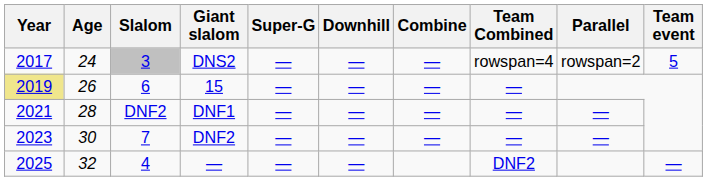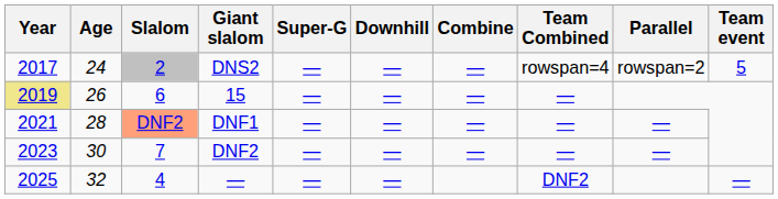 <table class=wikitable style="text-align:center">
 <tr>
 <th>  Year  </th>
 <th> Age </th>
 <th> Slalom </th>
 <th> Giant <br> slalom </th>
 <th>Super-G</th>
 <th>Downhill</th>
 <th>Combine</th>
 <th>Team<br>Combined</th>
 <th>Parallel</th>
 <th>Team<br> event </th>
 </tr>
 <tr>
 <td><a href='#'>2017</a></td>
 <td><em>24</em></td>
-<td style="background:silver;"><a href='#'>3</a></td>
+<td style="background:silver;"><a href='#'>2</a></td>
 <td><a href='#'>DNS2</a></td>
 <td><a href='#'>—</a></td>
 <td><a href='#'>—</a></td>
 <td><a href='#'>—</a></td>
 <td>rowspan=4 </td>
 <td>rowspan=2 </td>
 <td><a href='#'>5</a></td>
 </tr>
 <tr>
 <td style="background: khaki;"><a href='#'>2019</a></td>
 <td><em>26</em></td>
 <td><a href='#'>6</a></td>
 <td><a href='#'>15</a></td>
 <td><a href='#'>—</a></td>
 <td><a href='#'>—</a></td>
 <td><a href='#'>—</a></td>
 <td><a href='#'>—</a></td>
 </tr>
 <tr>
 <td><a href='#'>2021</a></td>
 <td><em>28</em></td>
-<td><a href='#'>DNF2</a></td>
+<td style="background: lightsalmon;"><a href='#'>DNF2</a></td>
 <td><a href='#'>DNF1</a></td>
 <td><a href='#'>—</a></td>
 <td><a href='#'>—</a></td>
 <td><a href='#'>—</a></td>
 <td><a href='#'>—</a></td>
 <td><a href='#'>—</a></td>
 </tr>
 <tr>
 <td><a href='#'>2023</a></td>
 <td><em>30</em></td>
 <td><a href='#'>7</a></td>
 <td><a href='#'>DNF2</a></td>
 <td><a href='#'>—</a></td>
 <td><a href='#'>—</a></td>
 <td><a href='#'>—</a></td>
 <td><a href='#'>—</a></td>
 <td><a href='#'>—</a></td>
 </tr>
 <tr>
 <td><a href='#'>2025</a></td>
 <td><em>32</em></td>
 <td><a href='#'>4</a></td>
 <td><a href='#'>—</a></td>
 <td><a href='#'>—</a></td>
 <td><a href='#'>—</a></td>
 <td></td>
 <td><a href='#'>DNF2</a></td>
 <td></td>
 <td><a href='#'>—</a></td>
 </tr>
 </table>
